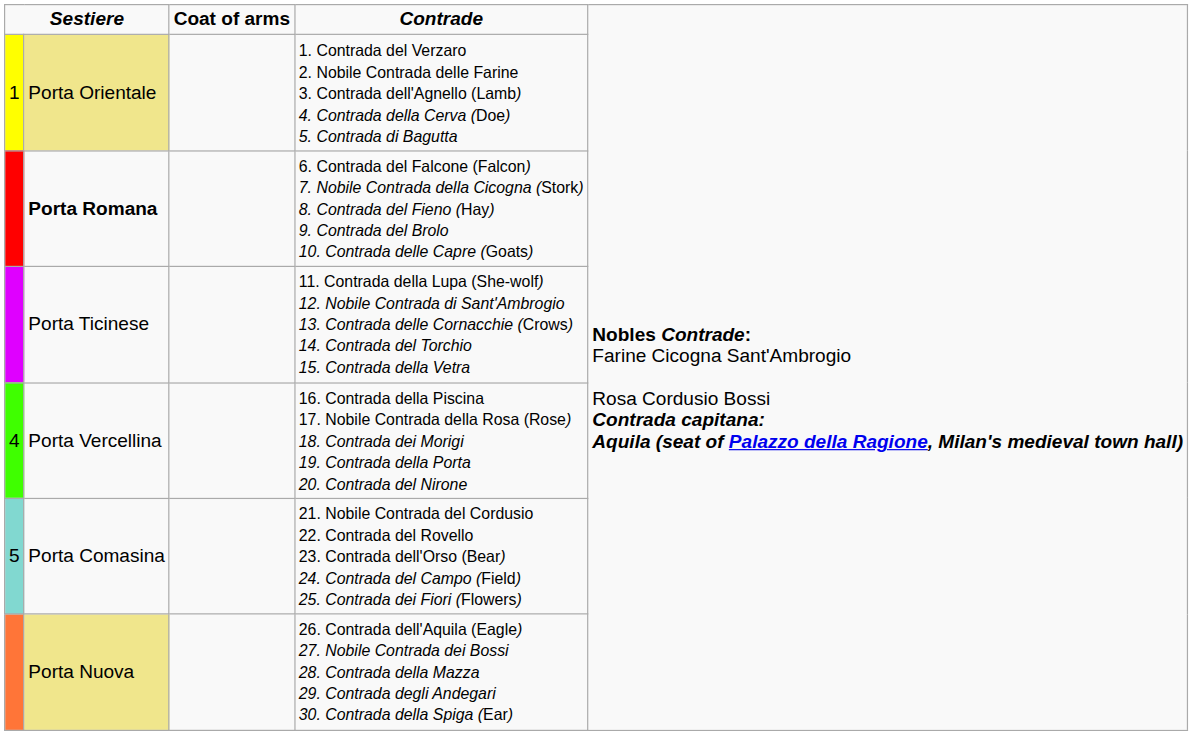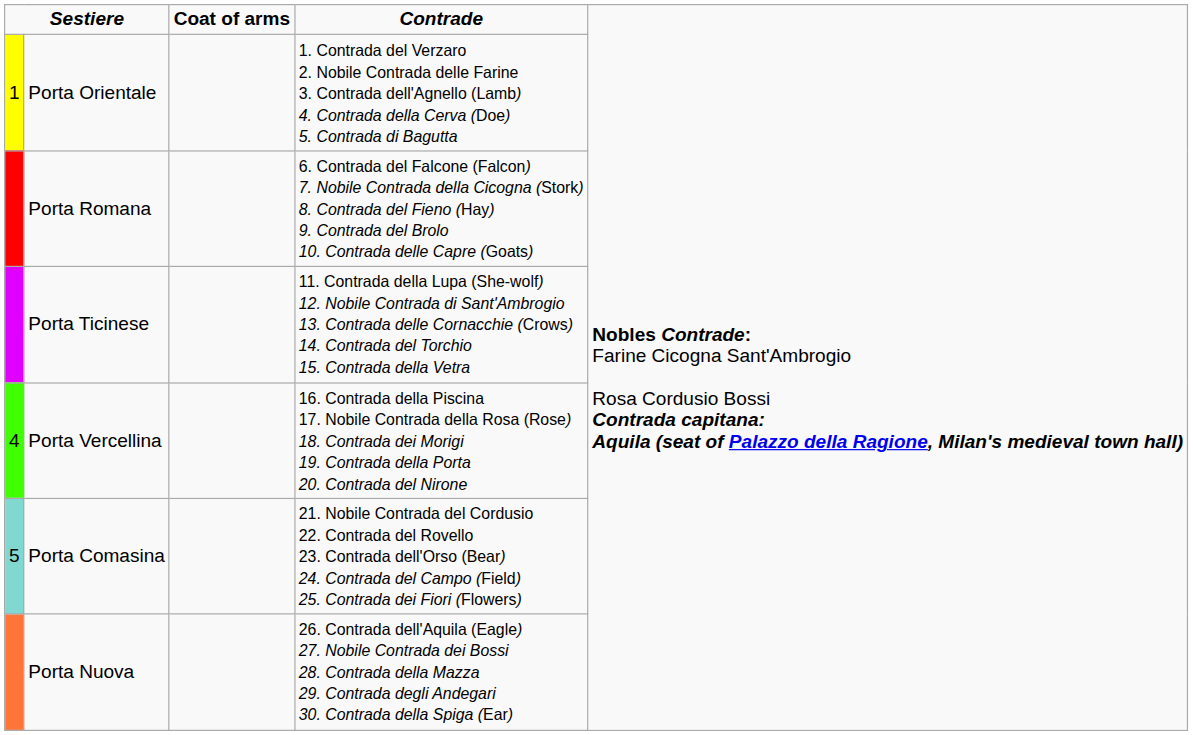 <table class="wikitable sortable">
 <tr>
 <td colspan=2 align=center><strong><em>Sestiere</em></strong></td>
 <td><strong>Coat of arms</strong></td>
 <td align=center><strong><em>Contrade</em></strong></td>
 <td rowspan="15"><br><br><strong>Nobles <em>Contrade</em>:</strong><br> Farine   Cicogna   Sant'Ambrogio<br><br> Rosa   Cordusio   Bossi<br><strong><em>Contrada capitana<em>:<strong> <br> Aquila (seat of <a href='#'>Palazzo della Ragione</a>, Milan's medieval town hall)</td>
 </tr>
 <tr>
 <td bgcolor=yellow></strong>1<strong></td>
-<td style="background: khaki;">Porta Orientale</td>
+<td>Porta Orientale</td>
 <td align=center></td>
 <td><small>1. Contrada del Verzaro<br>2. Nobile Contrada delle Farine<br>3. Contrada dell'Agnello (</em>Lamb<em>)<br>4. Contrada della Cerva (</em>Doe<em>)<br>5. Contrada di Bagutta</small></td>
 </tr>
 <tr>
 <td bgcolor=red></strong><strong></td>
-<td><strong>Porta Romana</strong></td>
+<td>Porta Romana</td>
 <td align=center></td>
 <td><small>6. Contrada del Falcone (</em>Falcon<em>)<br>7. Nobile Contrada della Cicogna (</em>Stork<em>)<br>8. Contrada del Fieno (</em>Hay<em>)<br>9. Contrada del Brolo<br>10. Contrada delle Capre (</em>Goats<em>)</small></td>
 </tr>
 <tr>
 <td bgcolor=#DF00FF></strong><strong></td>
 <td>Porta Ticinese</td>
 <td align=center></td>
 <td><small>11. Contrada della Lupa (</em>She-wolf<em>)<br>12. Nobile Contrada di Sant'Ambrogio<br>13. Contrada delle Cornacchie (</em>Crows<em>)<br>14. Contrada del Torchio<br>15. Contrada della Vetra</small></td>
 </tr>
 <tr>
 <td bgcolor=#3FFF00></strong>4<strong></td>
 <td>Porta Vercellina</td>
 <td align=center></td>
 <td><small>16. Contrada della Piscina<br>17. Nobile Contrada della Rosa (</em>Rose<em>)<br>18. Contrada dei Morigi<br>19. Contrada della Porta<br>20. Contrada del Nirone</small></td>
 </tr>
 <tr>
 <td bgcolor=#81D8D0></strong>5<strong></td>
 <td>Porta Comasina</td>
 <td align=center></td>
 <td><small>21. Nobile Contrada del Cordusio<br>22. Contrada del Rovello<br>23. Contrada dell'Orso (</em>Bear<em>)<br>24. Contrada del Campo (</em>Field<em>)<br>25. Contrada dei Fiori (</em>Flowers<em>)</small></td>
 </tr>
 <tr>
 <td bgcolor=#FF7538></strong><strong></td>
-<td style="background: khaki;">Porta Nuova</td>
+<td>Porta Nuova</td>
 <td align=center></td>
 <td><small>26. Contrada dell'Aquila (</em>Eagle<em>)<br>27. Nobile Contrada dei Bossi<br>28. Contrada della Mazza<br>29. Contrada degli Andegari<br>30. Contrada della Spiga (</em>Ear<em>)</small></td>
 </tr>
 <tr>
 </tr>
 </table>
